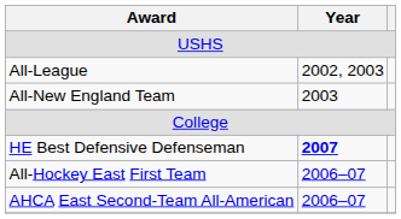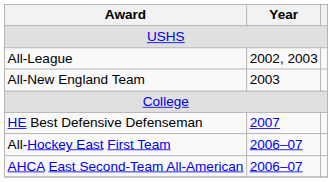 <table class="wikitable">
 <tr>
 <th>Award</th>
 <th>Year</th>
 <th></th>
 </tr>
 <tr ALIGN="center" bgcolor="#e0e0e0">
 <td colspan="3"><a href='#'>USHS</a></td>
 </tr>
 <tr>
 <td>All-League</td>
 <td>2002, 2003</td>
 <td></td>
 </tr>
 <tr>
 <td>All-New England Team</td>
 <td>2003</td>
 <td></td>
 </tr>
 <tr ALIGN="center" bgcolor="#e0e0e0">
 <td colspan="3"><a href='#'>College</a></td>
 </tr>
 <tr>
 <td><a href='#'>HE</a> Best Defensive Defenseman</td>
-<td><strong><a href='#'>2007</a></strong></td>
+<td><a href='#'>2007</a></td>
 <td></td>
 </tr>
 <tr>
 <td>All-<a href='#'>Hockey East</a> <a href='#'>First Team</a></td>
 <td><a href='#'>2006–07</a></td>
 <td></td>
 </tr>
 <tr>
 <td><a href='#'>AHCA</a> <a href='#'>East Second-Team All-American</a></td>
 <td><a href='#'>2006–07</a></td>
 <td></td>
 </tr>
 <tr>
 </tr>
 </table>
